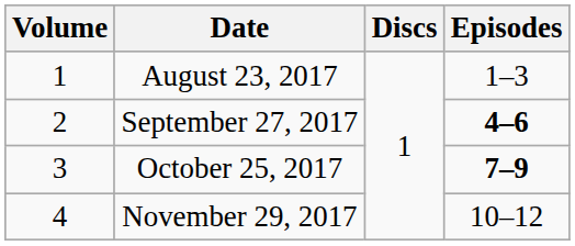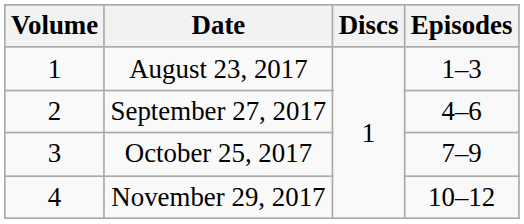 <table class="wikitable" style="text-align:center;">
 <tr>
 <th>Volume</th>
 <th>Date</th>
 <th>Discs</th>
 <th>Episodes</th>
 </tr>
 <tr>
 <td>1</td>
 <td>August 23, 2017</td>
 <td rowspan="8">1</td>
 <td>1–3</td>
 </tr>
 <tr>
 <td>2</td>
 <td>September 27, 2017</td>
-<td><strong>4–6</strong></td>
+<td>4–6</td>
 </tr>
 <tr>
 <td>3</td>
 <td>October 25, 2017</td>
-<td><strong>7–9</strong></td>
+<td>7–9</td>
 </tr>
 <tr>
 <td>4</td>
 <td>November 29, 2017</td>
 <td>10–12</td>
 </tr>
 </table>
